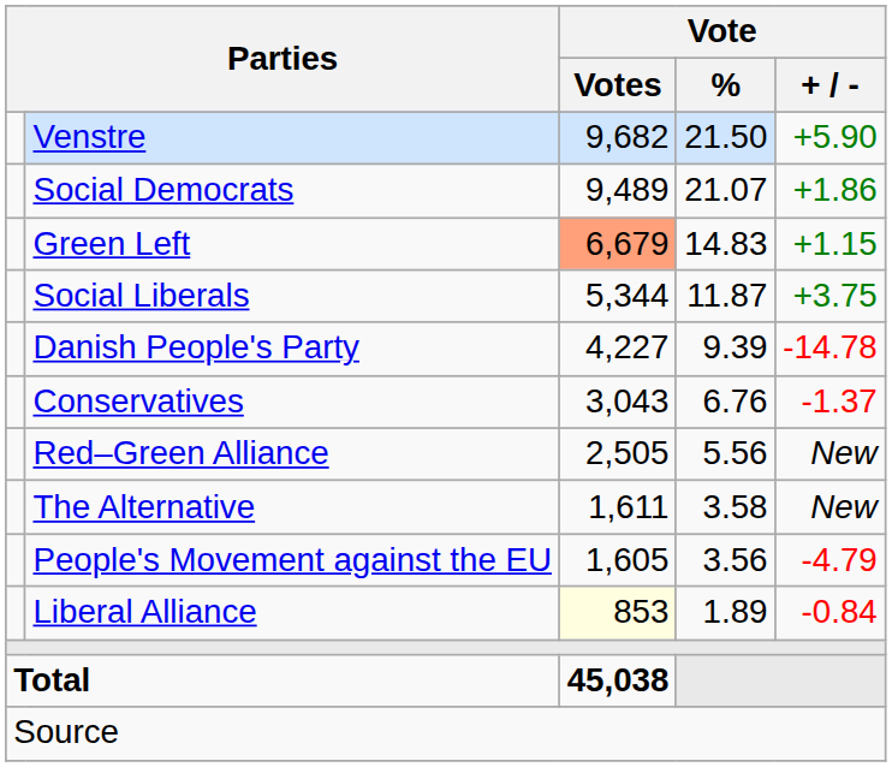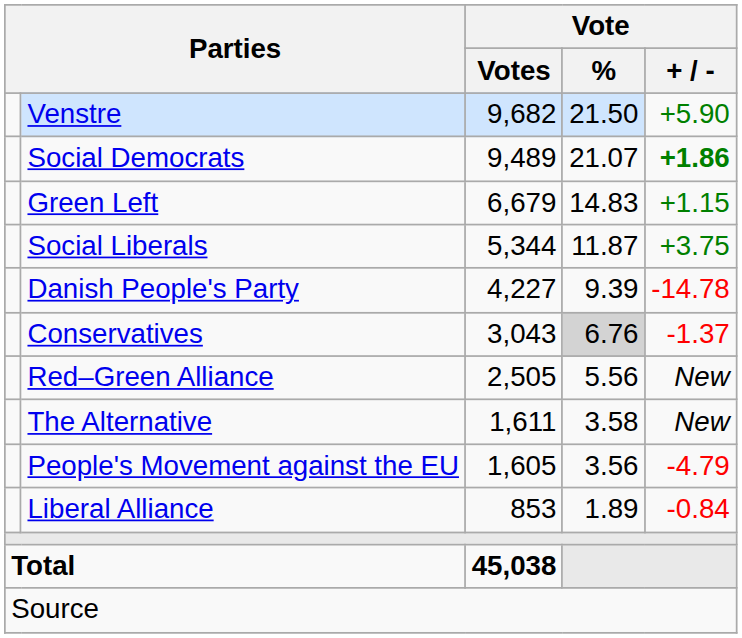 <table class="wikitable" style="text-align:right;">
 <tr>
 <th style="text-align:centre;" rowspan="2" colspan="2" width="225">Parties</th>
 <th colspan="3">Vote</th>
 </tr>
 <tr>
 <th width="15">Votes</th>
 <th width="15">%</th>
 <th width="15">+ / -</th>
 </tr>
 <tr>
 <td width="2" style="color:inherit;background:"></td>
 <td bgcolor=#cfe5fe   align="left"><a href='#'>Venstre</a></td>
 <td bgcolor=#cfe5fe>9,682</td>
 <td bgcolor=#cfe5fe>21.50</td>
 <td style=color:green;>+5.90</td>
 </tr>
 <tr>
 <td width="2" style="color:inherit;background:"></td>
 <td align="left"><a href='#'>Social Democrats</a></td>
 <td>9,489</td>
 <td>21.07</td>
-<td style=color:green;>+1.86</td>
+<td style=color:green;><strong>+1.86</strong></td>
 </tr>
 <tr>
 <td width="2" style="color:inherit;background:"></td>
 <td align="left"><a href='#'>Green Left</a></td>
-<td style="background: lightsalmon;">6,679</td>
+<td>6,679</td>
 <td>14.83</td>
 <td style=color:green;>+1.15</td>
 </tr>
 <tr>
 <td width="2" style="color:inherit;background:"></td>
 <td align="left"><a href='#'>Social Liberals</a></td>
 <td>5,344</td>
 <td>11.87</td>
 <td style=color:green;>+3.75</td>
 </tr>
 <tr>
 <td width="2" style="color:inherit;background:"></td>
 <td align="left"><a href='#'>Danish People's Party</a></td>
 <td>4,227</td>
 <td>9.39</td>
 <td style=color:red;>-14.78</td>
 </tr>
 <tr>
 <td width="2" style="color:inherit;background:"></td>
 <td align="left"><a href='#'>Conservatives</a></td>
 <td>3,043</td>
-<td>6.76</td>
+<td style="background: lightgrey;">6.76</td>
 <td style=color:red;>-1.37</td>
 </tr>
 <tr>
 <td width="2" style="color:inherit;background:"></td>
 <td align="left"><a href='#'>Red–Green Alliance</a></td>
 <td>2,505</td>
 <td>5.56</td>
 <td><em>New</em></td>
 </tr>
 <tr>
 <td width="2" style="color:inherit;background:"></td>
 <td align="left"><a href='#'>The Alternative</a></td>
 <td>1,611</td>
 <td>3.58</td>
 <td><em>New</em></td>
 </tr>
 <tr>
 <td width="2" style="color:inherit;background:"></td>
 <td align="left"><a href='#'>People's Movement against the EU</a></td>
 <td>1,605</td>
 <td>3.56</td>
 <td style=color:red;>-4.79</td>
 </tr>
 <tr>
 <td width="2" style="color:inherit;background:"></td>
 <td align="left"><a href='#'>Liberal Alliance</a></td>
-<td style="background: lightyellow;">853</td>
+<td>853</td>
 <td>1.89</td>
 <td style=color:red;>-0.84</td>
 </tr>
 <tr>
 <td colspan="7" bgcolor="#E9E9E9"></td>
 </tr>
 <tr>
 <td align="left" colspan="2"><strong>Total</strong></td>
 <td><strong>45,038</strong></td>
 <td bgcolor="#E9E9E9" colspan="2"></td>
 </tr>
 <tr>
 <td align="left" colspan="6">Source</td>
 </tr>
 </table>
